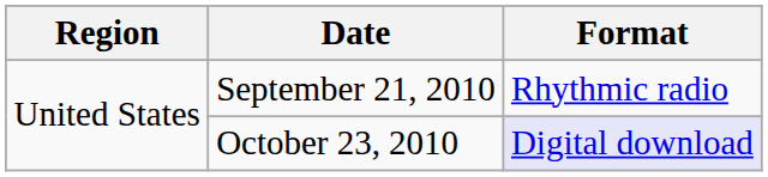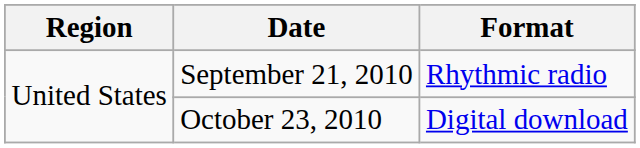 <table class="wikitable">
 <tr>
 <th>Region</th>
 <th>Date</th>
 <th>Format</th>
 </tr>
 <tr>
 <td rowspan="2">United States</td>
 <td>September 21, 2010</td>
 <td><a href='#'>Rhythmic radio</a></td>
 </tr>
 <tr>
 <td>October 23, 2010</td>
-<td style="background: lavender;"><a href='#'>Digital download</a></td>
+<td><a href='#'>Digital download</a></td>
 </tr>
 </table>
